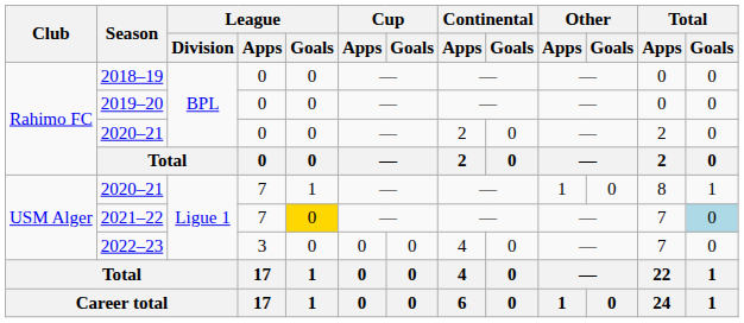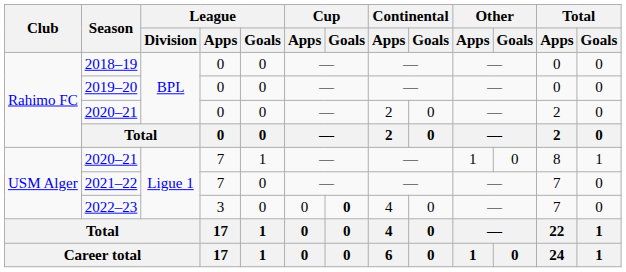 <table class="wikitable" style="text-align: center">
 <tr>
 <th rowspan="2">Club</th>
 <th rowspan="2">Season</th>
 <th colspan="3">League</th>
 <th colspan="2">Cup</th>
 <th colspan="2">Continental</th>
 <th colspan="2">Other</th>
 <th colspan="2">Total</th>
 </tr>
 <tr>
 <th>Division</th>
 <th>Apps</th>
 <th>Goals</th>
 <th>Apps</th>
 <th>Goals</th>
 <th>Apps</th>
 <th>Goals</th>
 <th>Apps</th>
 <th>Goals</th>
 <th>Apps</th>
 <th>Goals</th>
 </tr>
 <tr>
 <td rowspan="4"><a href='#'>Rahimo FC</a></td>
 <td><a href='#'>2018–19</a></td>
 <td rowspan="3"><a href='#'>BPL</a></td>
 <td>0</td>
 <td>0</td>
 <td colspan="2">—</td>
 <td colspan="2">—</td>
 <td colspan="2">—</td>
 <td>0</td>
 <td>0</td>
 </tr>
 <tr>
 <td><a href='#'>2019–20</a></td>
 <td>0</td>
 <td>0</td>
 <td colspan="2">—</td>
 <td colspan="2">—</td>
 <td colspan="2">—</td>
 <td>0</td>
 <td>0</td>
 </tr>
 <tr>
 <td><a href='#'>2020–21</a></td>
 <td>0</td>
 <td>0</td>
 <td colspan="2">—</td>
 <td>2</td>
 <td>0</td>
 <td colspan="2">—</td>
 <td>2</td>
 <td>0</td>
 </tr>
 <tr>
 <th colspan="2">Total</th>
 <th>0</th>
 <th>0</th>
 <th colspan="2">—</th>
 <th>2</th>
 <th>0</th>
 <th colspan="2">—</th>
 <th>2</th>
 <th>0</th>
 </tr>
 <tr>
 <td rowspan="3"><a href='#'>USM Alger</a></td>
 <td><a href='#'>2020–21</a></td>
 <td rowspan="3"><a href='#'>Ligue 1</a></td>
 <td>7</td>
 <td>1</td>
 <td colspan="2">—</td>
 <td colspan="2">—</td>
 <td>1</td>
 <td>0</td>
 <td>8</td>
 <td>1</td>
 </tr>
 <tr>
 <td><a href='#'>2021–22</a></td>
 <td>7</td>
-<td style="background: gold;">0</td>
+<td>0</td>
 <td colspan="2">—</td>
 <td colspan="2">—</td>
 <td colspan="2">—</td>
 <td>7</td>
-<td style="background: lightblue;">0</td>
+<td>0</td>
 </tr>
 <tr>
 <td><a href='#'>2022–23</a></td>
 <td>3</td>
 <td>0</td>
 <td>0</td>
-<td>0</td>
+<td><strong>0</strong></td>
 <td>4</td>
 <td>0</td>
 <td colspan="2">—</td>
 <td>7</td>
 <td>0</td>
 </tr>
 <tr>
 <th colspan="3">Total</th>
 <th>17</th>
 <th>1</th>
 <th>0</th>
 <th>0</th>
 <th>4</th>
 <th>0</th>
 <th colspan=2>—</th>
 <th>22</th>
 <th>1</th>
 </tr>
 <tr>
 <th colspan="3">Career total</th>
 <th>17</th>
 <th>1</th>
 <th>0</th>
 <th>0</th>
 <th>6</th>
 <th>0</th>
 <th>1</th>
 <th>0</th>
 <th>24</th>
 <th>1</th>
 </tr>
 </table>
